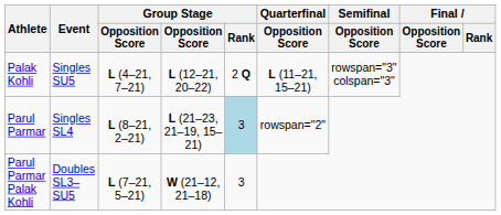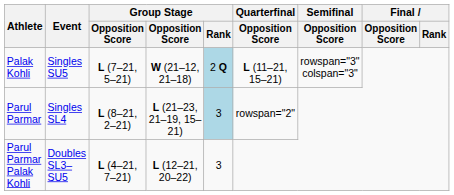 <table class="wikitable" style="font-size:90%; text-align:center">
 <tr>
 <th rowspan="2">Athlete</th>
 <th rowspan="2">Event</th>
 <th colspan="3">Group Stage</th>
 <th>Quarterfinal</th>
 <th>Semifinal</th>
 <th colspan="2">Final / </th>
 </tr>
 <tr style="font-size:95%">
 <th>Opposition<br>Score</th>
 <th>Opposition<br>Score</th>
 <th>Rank</th>
 <th>Opposition<br>Score</th>
 <th>Opposition<br>Score</th>
 <th>Opposition<br>Score</th>
 <th>Rank</th>
 </tr>
 <tr>
 <td align="left"><a href='#'>Palak Kohli</a></td>
 <td align="left"><a href='#'>Singles SU5</a></td>
-<td><br><strong>L</strong> (4–21, 7–21)</td>
-<td><br><strong>L</strong> (12–21, 20–22)</td>
-<td>2 <strong>Q</strong></td>
+<td><br><strong>L</strong> (7–21, 5–21)</td>
+<td><br><strong>W</strong> (21–12, 21–18)</td>
+<td style="background: lightblue;">2 <strong>Q</strong></td>
 <td><br><strong>L</strong> (11–21, 15–21)</td>
 <td>rowspan="3" colspan="3" </td>
 </tr>
 <tr>
 <td align="left"><a href='#'>Parul Parmar</a></td>
 <td align="left"><a href='#'>Singles SL4</a></td>
 <td><br><strong>L</strong> (8–21, 2–21)</td>
 <td><br><strong>L</strong> (21–23, 21–19, 15–21)</td>
 <td style="background: lightblue;">3</td>
 <td>rowspan="2" </td>
 </tr>
 <tr>
 <td align="left"><a href='#'>Parul Parmar</a><br><a href='#'>Palak Kohli</a></td>
 <td align="left"><a href='#'>Doubles SL3–SU5</a></td>
-<td><br><strong>L</strong> (7–21, 5–21)</td>
-<td><br><strong>W</strong> (21–12, 21–18)</td>
+<td><br><strong>L</strong> (4–21, 7–21)</td>
+<td><br><strong>L</strong> (12–21, 20–22)</td>
 <td>3</td>
 </tr>
 </table>
